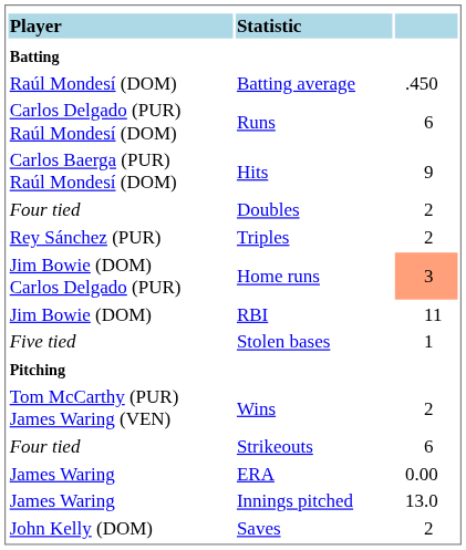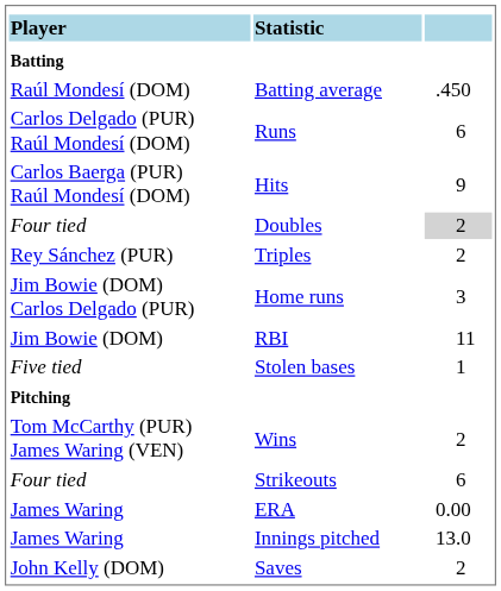 <table cellpadding="1" width="350px" style="font-size: 90%; border: 1px solid gray;">
 <tr align="center" style="font-size: larger;">
 <td colspan=6></td>
 </tr>
 <tr style="background:lightblue;">
 <td><strong>Player</strong></td>
 <td><strong>Statistic</strong></td>
 <td></td>
 </tr>
 <tr align="center" style="vertical-align: middle;" style="background:lightblue;">
 </tr>
 <tr>
 <td><small><strong>Batting</strong></small></td>
 </tr>
 <tr>
 <td><a href='#'>Raúl Mondesí</a> (DOM)</td>
 <td><a href='#'>Batting average</a></td>
 <td>  .450</td>
 </tr>
 <tr>
 <td><a href='#'>Carlos Delgado</a> (PUR)<br><a href='#'>Raúl Mondesí</a> (DOM)</td>
 <td><a href='#'>Runs</a></td>
 <td>      6</td>
 </tr>
 <tr>
 <td><a href='#'>Carlos Baerga</a> (PUR)<br><a href='#'>Raúl Mondesí</a> (DOM)</td>
 <td><a href='#'>Hits</a></td>
 <td>      9</td>
 </tr>
 <tr>
 <td><em>Four tied</em></td>
 <td><a href='#'>Doubles</a></td>
-<td>      2</td>
+<td style="background: lightgrey;">      2</td>
 </tr>
 <tr>
 <td><a href='#'>Rey Sánchez</a> (PUR)</td>
 <td><a href='#'>Triples</a></td>
 <td>      2</td>
 </tr>
 <tr>
 <td><a href='#'>Jim Bowie</a> (DOM)<br><a href='#'>Carlos Delgado</a> (PUR)</td>
 <td><a href='#'>Home runs</a></td>
-<td style="background: lightsalmon;">      3</td>
+<td>      3</td>
 </tr>
 <tr>
 <td><a href='#'>Jim Bowie</a> (DOM)</td>
 <td><a href='#'>RBI</a></td>
 <td>      11</td>
 </tr>
 <tr>
 <td><em>Five tied</em></td>
 <td><a href='#'>Stolen bases</a></td>
 <td>      1</td>
 </tr>
 <tr>
 <td><small><strong>Pitching</strong></small></td>
 </tr>
 <tr>
 <td><a href='#'>Tom McCarthy</a> (PUR)<br><a href='#'>James Waring</a> (VEN)</td>
 <td><a href='#'>Wins</a></td>
 <td>      2</td>
 </tr>
 <tr>
 <td><em>Four tied</em></td>
 <td><a href='#'>Strikeouts</a></td>
 <td>      6</td>
 </tr>
 <tr>
 <td><a href='#'>James Waring</a></td>
 <td><a href='#'>ERA</a></td>
 <td>  0.00</td>
 </tr>
 <tr>
 <td><a href='#'>James Waring</a></td>
 <td><a href='#'>Innings pitched</a></td>
 <td>  13.0</td>
 </tr>
 <tr>
 <td><a href='#'>John Kelly</a> (DOM)</td>
 <td><a href='#'>Saves</a></td>
 <td>      2</td>
 </tr>
 </table>
